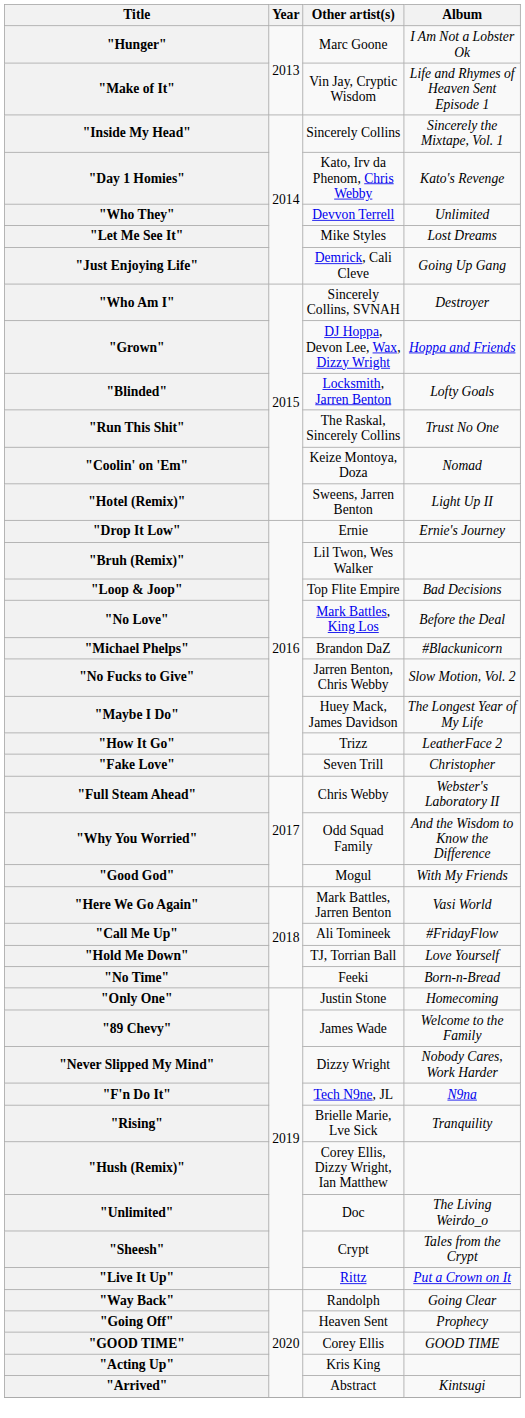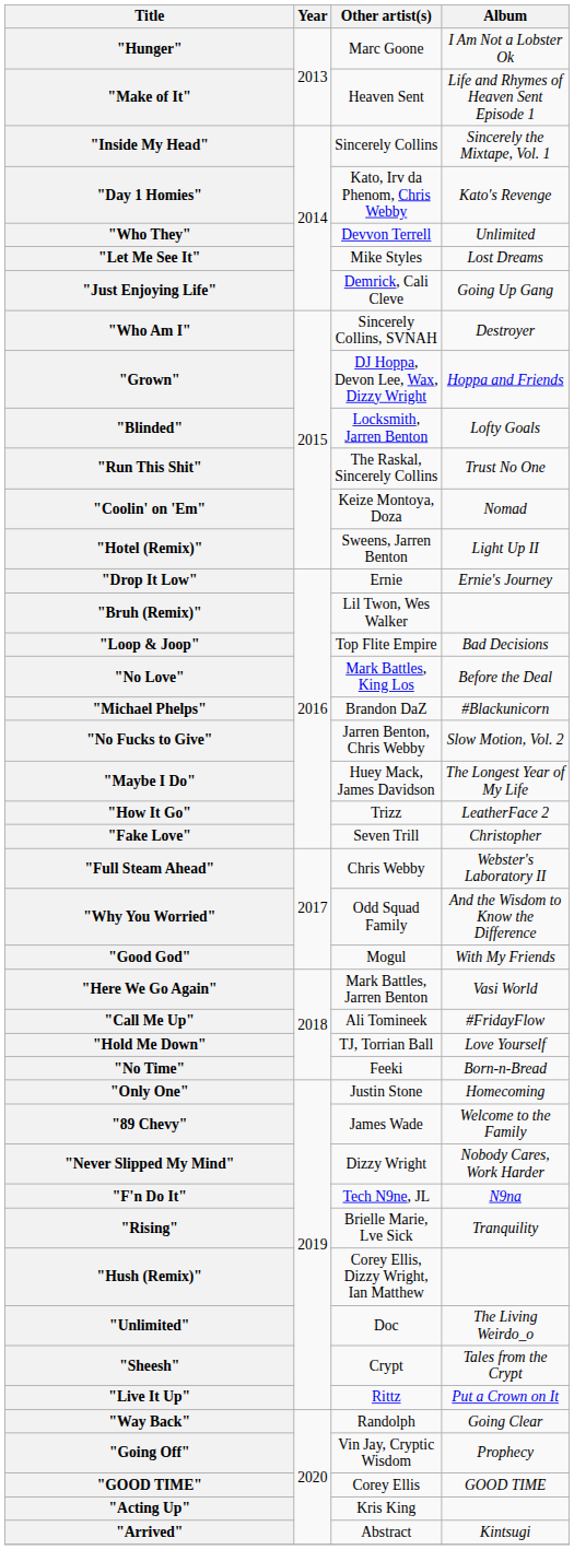 <table class="wikitable plainrowheaders" style="text-align:center;">
 <tr>
 <th scope="col" style="width:19em;">Title</th>
 <th scope="col">Year</th>
 <th scope="col">Other artist(s)</th>
 <th scope="col">Album</th>
 </tr>
 <tr>
 <th scope="row">"Hunger"</th>
 <td rowspan="2">2013</td>
 <td>Marc Goone</td>
 <td><em>I Am Not a Lobster Ok</em></td>
 </tr>
 <tr>
 <th scope="row">"Make of It"</th>
-<td>Vin Jay, Cryptic Wisdom</td>
+<td>Heaven Sent</td>
 <td><em>Life and Rhymes of Heaven Sent Episode 1</em></td>
 </tr>
 <tr>
 <th scope="row">"Inside My Head"</th>
 <td rowspan="5">2014</td>
 <td>Sincerely Collins</td>
 <td><em>Sincerely the Mixtape, Vol. 1</em></td>
 </tr>
 <tr>
 <th scope="row">"Day 1 Homies"</th>
 <td>Kato, Irv da Phenom, <a href='#'>Chris Webby</a></td>
 <td><em>Kato's Revenge</em></td>
 </tr>
 <tr>
 <th scope="row">"Who They"</th>
 <td><a href='#'>Devvon Terrell</a></td>
 <td><em>Unlimited</em></td>
 </tr>
 <tr>
 <th scope="row">"Let Me See It"</th>
 <td>Mike Styles</td>
 <td><em>Lost Dreams</em></td>
 </tr>
 <tr>
 <th scope="row">"Just Enjoying Life"</th>
 <td><a href='#'>Demrick</a>, Cali Cleve</td>
 <td><em>Going Up Gang</em></td>
 </tr>
 <tr>
 <th scope="row">"Who Am I"</th>
 <td rowspan="6">2015</td>
 <td>Sincerely Collins, SVNAH</td>
 <td><em>Destroyer</em></td>
 </tr>
 <tr>
 <th scope="row">"Grown"</th>
 <td><a href='#'>DJ Hoppa</a>, Devon Lee, <a href='#'>Wax</a>, <a href='#'>Dizzy Wright</a></td>
 <td><em><a href='#'>Hoppa and Friends</a></em></td>
 </tr>
 <tr>
 <th scope="row">"Blinded"</th>
 <td><a href='#'>Locksmith</a>, <a href='#'>Jarren Benton</a></td>
 <td><em>Lofty Goals</em></td>
 </tr>
 <tr>
 <th scope="row">"Run This Shit"</th>
 <td>The Raskal, Sincerely Collins</td>
 <td><em>Trust No One</em></td>
 </tr>
 <tr>
 <th scope="row">"Coolin' on 'Em"</th>
 <td>Keize Montoya, Doza</td>
 <td><em>Nomad</em></td>
 </tr>
 <tr>
 <th scope="row">"Hotel (Remix)"</th>
 <td>Sweens, Jarren Benton</td>
 <td><em>Light Up II</em></td>
 </tr>
 <tr>
 <th scope="row">"Drop It Low"</th>
 <td rowspan="9">2016</td>
 <td>Ernie</td>
 <td><em>Ernie's Journey</em></td>
 </tr>
 <tr>
 <th scope="row">"Bruh (Remix)"</th>
 <td>Lil Twon, Wes Walker</td>
 <td></td>
 </tr>
 <tr>
 <th scope="row">"Loop & Joop"</th>
 <td>Top Flite Empire</td>
 <td><em>Bad Decisions</em></td>
 </tr>
 <tr>
 <th scope="row">"No Love"</th>
 <td><a href='#'>Mark Battles</a>, <a href='#'>King Los</a></td>
 <td><em>Before the Deal</em></td>
 </tr>
 <tr>
 <th scope="row">"Michael Phelps"</th>
 <td>Brandon DaZ</td>
 <td><em>#Blackunicorn</em></td>
 </tr>
 <tr>
 <th scope="row">"No Fucks to Give"</th>
 <td>Jarren Benton, Chris Webby</td>
 <td><em>Slow Motion, Vol. 2</em></td>
 </tr>
 <tr>
 <th scope="row">"Maybe I Do"</th>
 <td>Huey Mack, James Davidson</td>
 <td><em>The Longest Year of My Life</em></td>
 </tr>
 <tr>
 <th scope="row">"How It Go"</th>
 <td>Trizz</td>
 <td><em>LeatherFace 2</em></td>
 </tr>
 <tr>
 <th scope="row">"Fake Love"</th>
 <td>Seven Trill</td>
 <td><em>Christopher</em></td>
 </tr>
 <tr>
 <th scope="row">"Full Steam Ahead"</th>
 <td rowspan="3">2017</td>
 <td>Chris Webby</td>
 <td><em>Webster's Laboratory II</em></td>
 </tr>
 <tr>
 <th scope="row">"Why You Worried"</th>
 <td>Odd Squad Family</td>
 <td><em>And the Wisdom to Know the Difference</em></td>
 </tr>
 <tr>
 <th scope="row">"Good God"</th>
 <td>Mogul</td>
 <td><em>With My Friends</em></td>
 </tr>
 <tr>
 <th scope="row">"Here We Go Again"</th>
 <td rowspan="4">2018</td>
 <td>Mark Battles, Jarren Benton</td>
 <td><em>Vasi World</em></td>
 </tr>
 <tr>
 <th scope="row">"Call Me Up"</th>
 <td>Ali Tomineek</td>
 <td><em>#FridayFlow</em></td>
 </tr>
 <tr>
 <th scope="row">"Hold Me Down"</th>
 <td>TJ, Torrian Ball</td>
 <td><em>Love Yourself</em></td>
 </tr>
 <tr>
 <th scope="row">"No Time"</th>
 <td>Feeki</td>
 <td><em>Born-n-Bread</em></td>
 </tr>
 <tr>
 <th scope="row">"Only One"</th>
 <td rowspan="9">2019</td>
 <td>Justin Stone</td>
 <td><em>Homecoming</em></td>
 </tr>
 <tr>
 <th scope="row">"89 Chevy"</th>
 <td>James Wade</td>
 <td><em>Welcome to the Family</em></td>
 </tr>
 <tr>
 <th scope="row">"Never Slipped My Mind"</th>
 <td>Dizzy Wright</td>
 <td><em>Nobody Cares, Work Harder</em></td>
 </tr>
 <tr>
 <th scope="row">"F'n Do It"</th>
 <td><a href='#'>Tech N9ne</a>, JL</td>
 <td><em><a href='#'>N9na</a></em></td>
 </tr>
 <tr>
 <th scope="row">"Rising"</th>
 <td>Brielle Marie, Lve Sick</td>
 <td><em>Tranquility</em></td>
 </tr>
 <tr>
 <th scope="row">"Hush (Remix)"</th>
 <td>Corey Ellis, Dizzy Wright, Ian Matthew</td>
 <td></td>
 </tr>
 <tr>
 <th scope="row">"Unlimited"</th>
 <td>Doc</td>
 <td><em>The Living Weirdo_o</em></td>
 </tr>
 <tr>
 <th scope="row">"Sheesh"</th>
 <td>Crypt</td>
 <td><em>Tales from the Crypt</em></td>
 </tr>
 <tr>
 <th scope="row">"Live It Up"</th>
 <td><a href='#'>Rittz</a></td>
 <td><em><a href='#'>Put a Crown on It</a></em></td>
 </tr>
 <tr>
 <th scope="row">"Way Back"</th>
 <td rowspan="5">2020</td>
 <td>Randolph</td>
 <td><em>Going Clear</em></td>
 </tr>
 <tr>
 <th scope="row">"Going Off"</th>
-<td>Heaven Sent</td>
+<td>Vin Jay, Cryptic Wisdom</td>
 <td><em>Prophecy</em></td>
 </tr>
 <tr>
 <th scope="row">"GOOD TIME"</th>
 <td>Corey Ellis</td>
 <td><em>GOOD TIME</em></td>
 </tr>
 <tr>
 <th scope="row">"Acting Up" </th>
 <td>Kris King</td>
 <td></td>
 </tr>
 <tr>
 <th scope="row">"Arrived"</th>
 <td>Abstract</td>
 <td><em>Kintsugi</em></td>
 </tr>
 <tr>
 </tr>
 </table>
